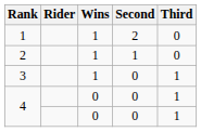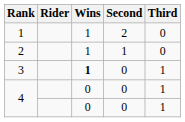 <table class="wikitable sortable plainrowheaders" style="text-align: center">
 <tr>
 <th scope=col>Rank</th>
 <th scope=col>Rider</th>
 <th scope=col>Wins</th>
 <th scope=col>Second</th>
 <th scope=col>Third</th>
 </tr>
 <tr>
 <td>1</td>
 <td !scope=col align=left></td>
 <td>1</td>
 <td>2</td>
 <td>0</td>
 </tr>
 <tr>
 <td>2</td>
 <td !scope=col align=left></td>
 <td>1</td>
 <td>1</td>
 <td>0</td>
 </tr>
 <tr>
 <td>3</td>
 <td !scope=col align=left></td>
-<td>1</td>
+<td><strong>1</strong></td>
 <td>0</td>
 <td>1</td>
 </tr>
 <tr>
 <td rowspan=2>4</td>
 <td !scope=col align=left></td>
 <td>0</td>
 <td>0</td>
 <td>1</td>
 </tr>
 <tr>
 <td !scope=col align=left></td>
 <td>0</td>
 <td>0</td>
 <td>1</td>
 </tr>
 </table>
